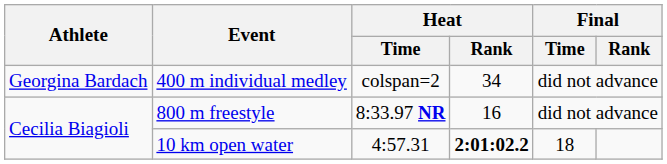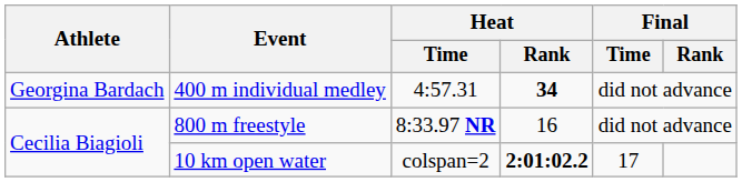 <table class=wikitable style="font-size:90%">
 <tr>
 <th rowspan="2">Athlete</th>
 <th rowspan="2">Event</th>
 <th colspan="2">Heat</th>
 <th colspan="2">Final</th>
 </tr>
 <tr style="font-size:95%">
 <th>Time</th>
 <th>Rank</th>
 <th>Time</th>
 <th>Rank</th>
 </tr>
 <tr align=center>
 <td align=left><a href='#'>Georgina Bardach</a></td>
 <td align=left><a href='#'>400 m individual medley</a></td>
-<td>colspan=2 </td>
-<td>34</td>
+<td>4:57.31</td>
+<td><strong>34</strong></td>
 <td colspan=2>did not advance</td>
 </tr>
 <tr align=center>
 <td align=left rowspan=2><a href='#'>Cecilia Biagioli</a></td>
 <td align=left><a href='#'>800 m freestyle</a></td>
 <td>8:33.97 <strong><a href='#'>NR</a></strong></td>
 <td>16</td>
 <td colspan=2>did not advance</td>
 </tr>
 <tr align=center>
 <td align=left><a href='#'>10 km open water</a></td>
-<td>4:57.31</td>
+<td>colspan=2 </td>
 <td><strong>2:01:02.2</strong></td>
-<td>18</td>
+<td>17</td>
 </tr>
 </table>
